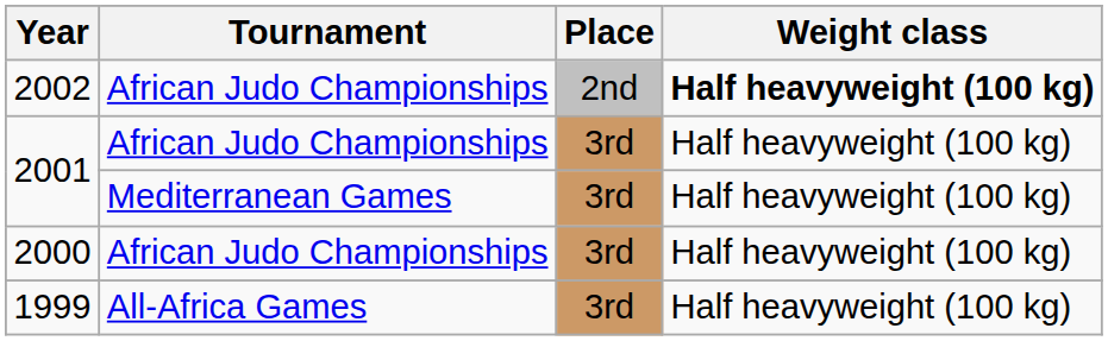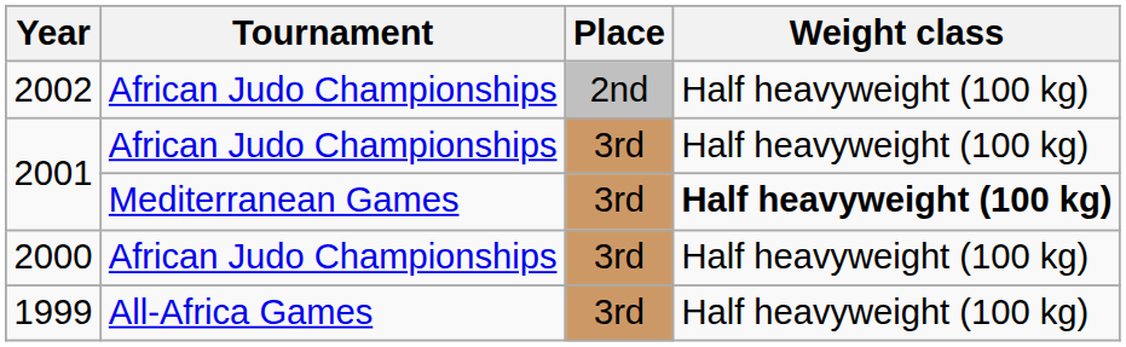 <table class=wikitable>
 <tr>
 <th>Year</th>
 <th>Tournament</th>
 <th>Place</th>
 <th>Weight class</th>
 </tr>
 <tr>
 <td>2002</td>
 <td><a href='#'>African Judo Championships</a></td>
 <td bgcolor="silver" align="center">2nd</td>
-<td><strong>Half heavyweight (100 kg)</strong></td>
+<td>Half heavyweight (100 kg)</td>
 </tr>
 <tr>
 <td rowspan=2>2001</td>
 <td><a href='#'>African Judo Championships</a></td>
 <td bgcolor="cc9966" align="center">3rd</td>
 <td>Half heavyweight (100 kg)</td>
 </tr>
 <tr>
 <td><a href='#'>Mediterranean Games</a></td>
 <td bgcolor="cc9966" align="center">3rd</td>
-<td>Half heavyweight (100 kg)</td>
+<td><strong>Half heavyweight (100 kg)</strong></td>
 </tr>
 <tr>
 <td>2000</td>
 <td><a href='#'>African Judo Championships</a></td>
 <td bgcolor="cc9966" align="center">3rd</td>
 <td>Half heavyweight (100 kg)</td>
 </tr>
 <tr>
 <td>1999</td>
 <td><a href='#'>All-Africa Games</a></td>
 <td bgcolor="cc9966" align="center">3rd</td>
 <td>Half heavyweight (100 kg)</td>
 </tr>
 </table>
